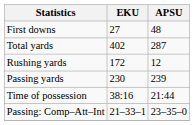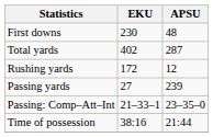 <table class="wikitable" style="float: left;">
 <tr>
 <th>Statistics</th>
 <th>EKU</th>
 <th>APSU</th>
 </tr>
 <tr>
 <td>First downs</td>
-<td>27</td>
+<td>230</td>
 <td>48</td>
 </tr>
 <tr>
 <td>Total yards</td>
 <td>402</td>
 <td>287</td>
 </tr>
 <tr>
 <td>Rushing yards</td>
 <td>172</td>
 <td>12</td>
 </tr>
 <tr>
 <td>Passing yards</td>
-<td>230</td>
+<td>27</td>
 <td>239</td>
+</tr>
+<tr>
+<td>Passing: Comp–Att–Int</td>
+<td>21–33–1</td>
+<td>23–35–0</td>
 </tr>
 <tr>
 <td>Time of possession</td>
 <td>38:16</td>
 <td>21:44</td>
 </tr>
 <tr>
-<td>Passing: Comp–Att–Int</td>
-<td>21–33–1</td>
-<td>23–35–0</td>
-</tr>
-<tr>
 </tr>
 </table>
